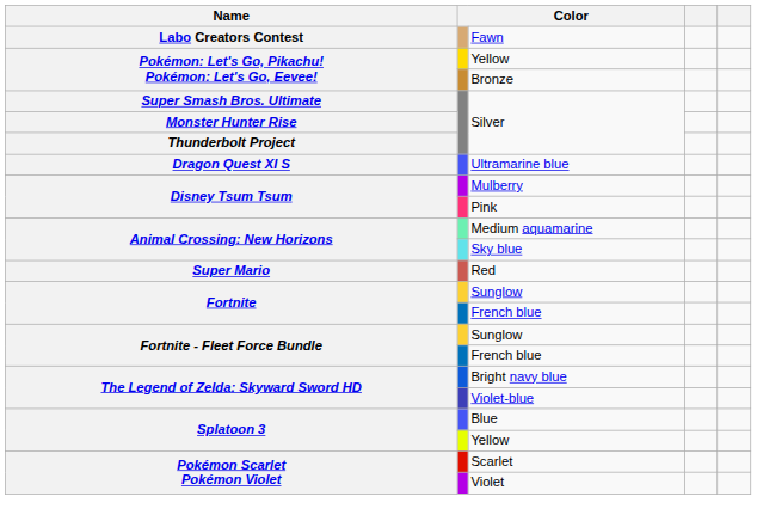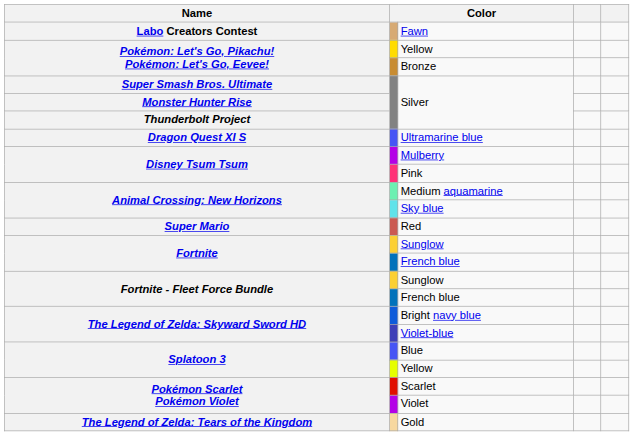 <table class="wikitable plainrowheaders" style="display:inline-table; width:45%; font-size:100%;">
 <tr>
 <th>Name</th>
 <th style="width:2em;" colspan="2">Color</th>
 <th style="width:2em;"></th>
 <th style="width:2em;"></th>
 </tr>
 <tr>
 <th scope="row"><a href='#'>Labo</a> Creators Contest</th>
 <td style="background: #D7AA73"></td>
 <td><a href='#'>Fawn</a></td>
 <td></td>
 <td></td>
 </tr>
 <tr>
 <th rowspan="2" scope="row"><a href='#'><em>Pokémon: Let's Go, Pikachu!</em><br><em>Pokémon: Let's Go, Eevee!</em></a></th>
 <td style="background: #FFDC00"></td>
 <td>Yellow</td>
 <td></td>
 <td></td>
 </tr>
 <tr>
 <td style="background: #C88C32"></td>
 <td>Bronze</td>
 <td></td>
 <td></td>
 </tr>
 <tr>
 <th scope="row"><em><a href='#'>Super Smash Bros. Ultimate</a></em></th>
 <td rowspan="3" style="background: #828282"></td>
 <td rowspan="3">Silver</td>
 <td></td>
 <td></td>
 </tr>
 <tr>
 <th scope="row"><em><a href='#'>Monster Hunter Rise</a></em></th>
 <td></td>
 <td></td>
 </tr>
 <tr>
 <th scope="row"><em>Thunderbolt Project</em></th>
 <td></td>
 <td></td>
 </tr>
 <tr>
 <th scope="row"><em><a href='#'>Dragon Quest XI S</a></em></th>
 <td style="background: #4655F5"></td>
 <td><a href='#'>Ultramarine blue</a></td>
 <td></td>
 <td></td>
 </tr>
 <tr>
 <th rowspan="2" scope="row"><em><a href='#'>Disney Tsum Tsum</a></em></th>
 <td style="background: #B400E6"></td>
 <td><a href='#'>Mulberry</a></td>
 <td></td>
 <td></td>
 </tr>
 <tr>
 <td style="background: #FF3278"></td>
 <td>Pink</td>
 <td></td>
 <td></td>
 </tr>
 <tr>
 <th rowspan="2" scope="row"><em><a href='#'>Animal Crossing: New Horizons</a></em></th>
 <td style="background: #6CF0B2"></td>
 <td>Medium <a href='#'>aquamarine</a></td>
 <td></td>
 <td></td>
 </tr>
 <tr>
 <td style="background: #61E3EA"></td>
 <td><a href='#'>Sky blue</a></td>
 <td></td>
 <td></td>
 </tr>
 <tr>
 <th scope="row"><em><a href='#'>Super Mario</a></em></th>
 <td style="background: #CB5A52"></td>
 <td>Red</td>
 <td></td>
 <td></td>
 </tr>
 <tr>
 <th rowspan="2" scope="row"><em><a href='#'>Fortnite</a></em></th>
 <td style="background: #FCD033"></td>
 <td><a href='#'>Sunglow</a></td>
 <td></td>
 <td></td>
 </tr>
 <tr>
 <td style="background: #0072BB"></td>
 <td><a href='#'>French blue</a></td>
 <td></td>
 <td></td>
 </tr>
 <tr>
 <th rowspan="2" scope="row"><em>Fortnite - Fleet Force Bundle</em></th>
 <td style="background: #FCD033"></td>
 <td>Sunglow</td>
 <td></td>
 <td></td>
 </tr>
 <tr>
 <td style="background: #0072BB"></td>
 <td>French blue</td>
 <td></td>
 <td></td>
 </tr>
 <tr>
 <th rowspan="2" scope="row"><em><a href='#'>The Legend of Zelda: Skyward Sword HD</a></em></th>
 <td style="background: #0E5BDA"></td>
 <td>Bright <a href='#'>navy blue</a></td>
 <td></td>
 <td></td>
 </tr>
 <tr>
 <td style="background: #3D3FB8"></td>
 <td><a href='#'>Violet-blue</a></td>
 <td></td>
 <td></td>
 </tr>
 <tr>
 <th rowspan="2" scope="row"><em><a href='#'>Splatoon 3</a></em></th>
 <td style="background: #4655F5"></td>
 <td>Blue</td>
 <td></td>
 <td></td>
 </tr>
 <tr>
 <td style="background: #E6FF00"></td>
 <td>Yellow</td>
 <td></td>
 <td></td>
 </tr>
 <tr>
 <th rowspan="2" scope="row"><a href='#'><em>Pokémon Scarlet</em><br><em>Pokémon Violet</em></a></th>
 <td style="background: #E10F00"></td>
 <td>Scarlet</td>
 <td></td>
 <td></td>
 </tr>
 <tr>
 <td style="background: #B400E6"></td>
 <td>Violet</td>
 <td></td>
 <td></td>
 </tr>
+<tr>
+<th scope="row"><em><a href='#'>The Legend of Zelda: Tears of the Kingdom</a></em></th>
+<td style="background: #f7d89f"></td>
+<td>Gold</td>
+<td></td>
+<td></td>
+</tr>
 </table>
